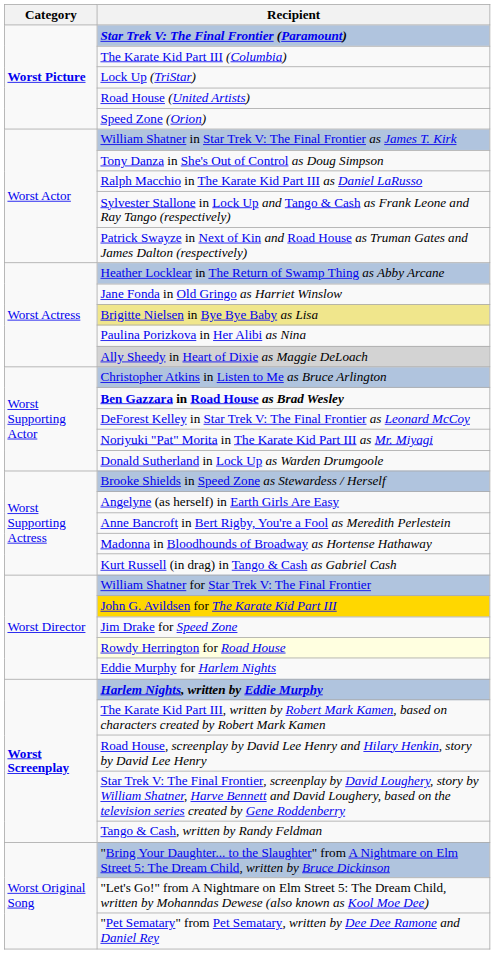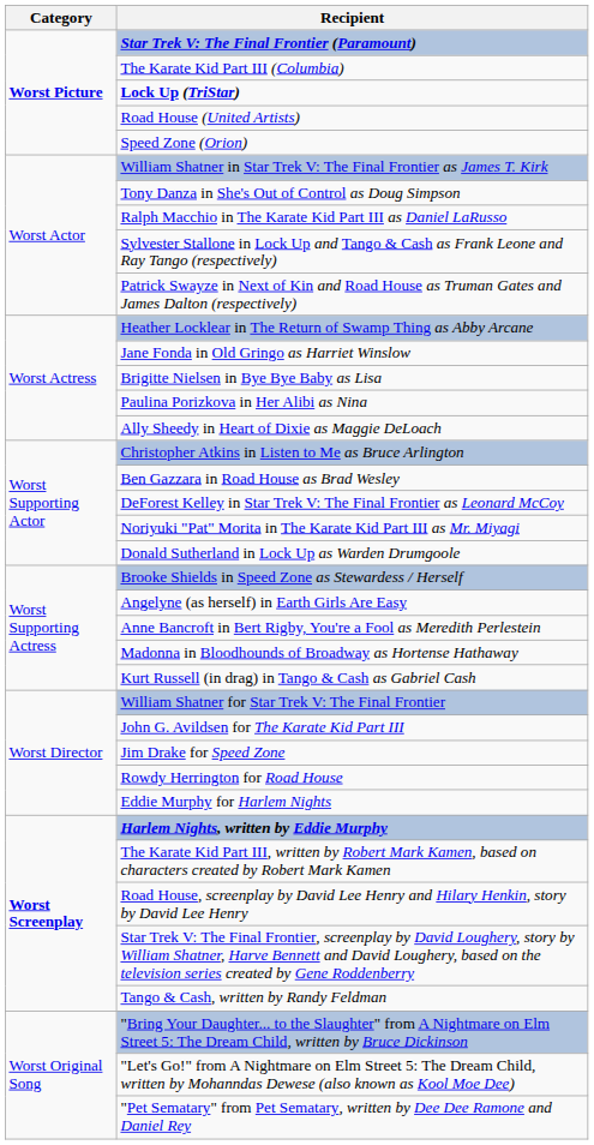 <table class="wikitable" width="95%" align="centre">
 <tr>
 <th>Category</th>
 <th>Recipient</th>
 </tr>
 <tr>
 <td rowspan=5><strong><a href='#'>Worst Picture</a></strong></td>
 <td style="background:#B0C4DE;"><strong><em><a href='#'>Star Trek V: The Final Frontier</a><em> (<a href='#'>Paramount</a>)<strong></td>
 </tr>
 <tr>
 <td></em><a href='#'>The Karate Kid Part III</a><em> (<a href='#'>Columbia</a>)</td>
 </tr>
 <tr>
-<td></em><a href='#'>Lock Up</a><em> (<a href='#'>TriStar</a>)</td>
+<td><strong></em><a href='#'>Lock Up</a><em> (<a href='#'>TriStar</a>)</strong></td>
 </tr>
 <tr>
 <td></em><a href='#'>Road House</a><em> (<a href='#'>United Artists</a>)</td>
 </tr>
 <tr>
 <td></em><a href='#'>Speed Zone</a><em> (<a href='#'>Orion</a>)</td>
 </tr>
 <tr>
 <td rowspan=5></strong><a href='#'>Worst Actor</a><strong></td>
 <td style="background:#B0C4DE;"></strong><a href='#'>William Shatner</a> in </em><a href='#'>Star Trek V: The Final Frontier</a><em> as <a href='#'>James T. Kirk</a><strong></td>
 </tr>
 <tr>
 <td><a href='#'>Tony Danza</a> in  </em><a href='#'>She's Out of Control</a><em> as Doug Simpson</td>
 </tr>
 <tr>
 <td><a href='#'>Ralph Macchio</a> in </em><a href='#'>The Karate Kid Part III</a><em> as <a href='#'>Daniel LaRusso</a></td>
 </tr>
 <tr>
 <td><a href='#'>Sylvester Stallone</a> in </em><a href='#'>Lock Up</a><em> and </em><a href='#'>Tango & Cash</a><em> as Frank Leone and Ray Tango (respectively)</td>
 </tr>
 <tr>
 <td><a href='#'>Patrick Swayze</a> in </em><a href='#'>Next of Kin</a><em> and </em><a href='#'>Road House</a><em> as Truman Gates and James Dalton (respectively)</td>
 </tr>
 <tr>
 <td rowspan=5></strong><a href='#'>Worst Actress</a><strong></td>
 <td style="background:#B0C4DE;"></strong><a href='#'>Heather Locklear</a> in </em><a href='#'>The Return of Swamp Thing</a><em> as Abby Arcane<strong></td>
 </tr>
 <tr>
 <td><a href='#'>Jane Fonda</a> in </em><a href='#'>Old Gringo</a><em> as Harriet Winslow</td>
 </tr>
 <tr>
-<td style="background: khaki;"><a href='#'>Brigitte Nielsen</a> in </em><a href='#'>Bye Bye Baby</a><em> as Lisa</td>
+<td><a href='#'>Brigitte Nielsen</a> in </em><a href='#'>Bye Bye Baby</a><em> as Lisa</td>
 </tr>
 <tr>
 <td><a href='#'>Paulina Porizkova</a> in </em><a href='#'>Her Alibi</a><em> as Nina</td>
 </tr>
 <tr>
-<td style="background: lightgrey;"><a href='#'>Ally Sheedy</a> in </em><a href='#'>Heart of Dixie</a><em> as Maggie DeLoach</td>
+<td><a href='#'>Ally Sheedy</a> in </em><a href='#'>Heart of Dixie</a><em> as Maggie DeLoach</td>
 </tr>
 <tr>
 <td rowspan=5></strong><a href='#'>Worst Supporting Actor</a><strong></td>
 <td style="background:#B0C4DE;"></strong><a href='#'>Christopher Atkins</a> in </em><a href='#'>Listen to Me</a><em> as Bruce Arlington<strong></td>
 </tr>
 <tr>
-<td><strong><a href='#'>Ben Gazzara</a> in </em><a href='#'>Road House</a><em> as Brad Wesley</strong></td>
+<td><a href='#'>Ben Gazzara</a> in </em><a href='#'>Road House</a><em> as Brad Wesley</td>
 </tr>
 <tr>
 <td><a href='#'>DeForest Kelley</a> in </em><a href='#'>Star Trek V: The Final Frontier</a><em> as <a href='#'>Leonard McCoy</a></td>
 </tr>
 <tr>
 <td><a href='#'>Noriyuki "Pat" Morita</a> in </em><a href='#'>The Karate Kid Part III</a><em> as <a href='#'>Mr. Miyagi</a></td>
 </tr>
 <tr>
 <td><a href='#'>Donald Sutherland</a> in </em><a href='#'>Lock Up</a><em> as Warden Drumgoole</td>
 </tr>
 <tr>
 <td rowspan=5></strong><a href='#'>Worst Supporting Actress</a><strong></td>
 <td style="background:#B0C4DE;"></strong><a href='#'>Brooke Shields</a> in </em><a href='#'>Speed Zone</a><em> as Stewardess / Herself<strong></td>
 </tr>
 <tr>
 <td><a href='#'>Angelyne</a> (as herself) in </em><a href='#'>Earth Girls Are Easy</a><em></td>
 </tr>
 <tr>
 <td><a href='#'>Anne Bancroft</a> in </em><a href='#'>Bert Rigby, You're a Fool</a><em> as Meredith Perlestein</td>
 </tr>
 <tr>
 <td><a href='#'>Madonna</a> in </em><a href='#'>Bloodhounds of Broadway</a><em> as Hortense Hathaway</td>
 </tr>
 <tr>
 <td><a href='#'>Kurt Russell</a> (in drag) in </em><a href='#'>Tango & Cash</a><em> as Gabriel Cash</td>
 </tr>
 <tr>
 <td rowspan=5></strong><a href='#'>Worst Director</a><strong></td>
 <td style="background:#B0C4DE;"></strong><a href='#'>William Shatner</a> for </em><a href='#'>Star Trek V: The Final Frontier</a></em></strong></td>
 </tr>
 <tr>
-<td style="background: gold;"><a href='#'>John G. Avildsen</a> for <em><a href='#'>The Karate Kid Part III</a></em></td>
+<td><a href='#'>John G. Avildsen</a> for <em><a href='#'>The Karate Kid Part III</a></em></td>
 </tr>
 <tr>
 <td><a href='#'>Jim Drake</a> for <em><a href='#'>Speed Zone</a></em></td>
 </tr>
 <tr>
-<td style="background: lightyellow;"><a href='#'>Rowdy Herrington</a> for <em><a href='#'>Road House</a></em></td>
+<td><a href='#'>Rowdy Herrington</a> for <em><a href='#'>Road House</a></em></td>
 </tr>
 <tr>
 <td><a href='#'>Eddie Murphy</a> for <em><a href='#'>Harlem Nights</a></em></td>
 </tr>
 <tr>
 <td rowspan=5><strong><a href='#'>Worst Screenplay</a></strong></td>
 <td style="background:#B0C4DE;"><strong><em><a href='#'>Harlem Nights</a><em>, written by <a href='#'>Eddie Murphy</a><strong></td>
 </tr>
 <tr>
 <td></em><a href='#'>The Karate Kid Part III</a><em>, written by <a href='#'>Robert Mark Kamen</a>, based on characters created by Robert Mark Kamen</td>
 </tr>
 <tr>
 <td></em><a href='#'>Road House</a><em>, screenplay by David Lee Henry and <a href='#'>Hilary Henkin</a>, story by David Lee Henry</td>
 </tr>
 <tr>
 <td></em><a href='#'>Star Trek V: The Final Frontier</a><em>, screenplay by <a href='#'>David Loughery</a>, story by <a href='#'>William Shatner</a>, <a href='#'>Harve Bennett</a> and David Loughery, based on the <a href='#'>television series</a> created by <a href='#'>Gene Roddenberry</a></td>
 </tr>
 <tr>
 <td></em><a href='#'>Tango & Cash</a><em>, written by Randy Feldman</td>
 </tr>
 <tr>
 <td rowspan=3></strong><a href='#'>Worst Original Song</a><strong></td>
 <td style="background:#B0C4DE;"></strong>"<a href='#'>Bring Your Daughter... to the Slaughter</a>" from </em><a href='#'>A Nightmare on Elm Street 5: The Dream Child</a><em>, written by <a href='#'>Bruce Dickinson</a><strong></td>
 </tr>
 <tr>
 <td>"Let's Go!" from </em>A Nightmare on Elm Street 5: The Dream Child<em>, written by Mohanndas Dewese (also known as <a href='#'>Kool Moe Dee</a>)</td>
 </tr>
 <tr>
 <td>"<a href='#'>Pet Sematary</a>" from </em><a href='#'>Pet Sematary</a><em>, written by <a href='#'>Dee Dee Ramone</a> and <a href='#'>Daniel Rey</a></td>
 </tr>
 </table>
